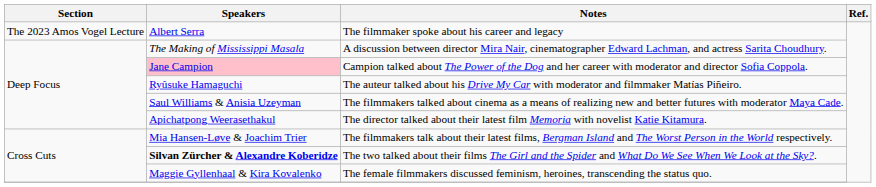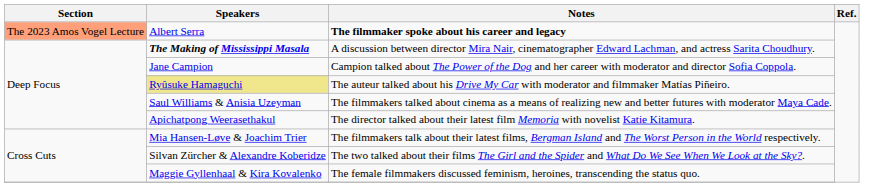 <table class="wikitable sortable plainrowheaders">
 <tr>
 <th>Section</th>
 <th>Speakers</th>
 <th>Notes</th>
 <th class="unsortable">Ref.</th>
 </tr>
 <tr>
-<td>The 2023 Amos Vogel Lecture</td>
+<td style="background: lightsalmon;">The 2023 Amos Vogel Lecture</td>
 <td><a href='#'>Albert Serra</a></td>
-<td>The filmmaker spoke about his career and legacy</td>
+<td><strong>The filmmaker spoke about his career and legacy</strong></td>
 <td rowspan=10></td>
 </tr>
 <tr>
 <td rowspan=5>Deep Focus</td>
-<td><em>The Making of <a href='#'>Mississippi Masala</a></em></td>
+<td><strong><em>The Making of <a href='#'>Mississippi Masala</a></em></strong></td>
 <td>A discussion between director <a href='#'>Mira Nair</a>, cinematographer <a href='#'>Edward Lachman</a>, and actress <a href='#'>Sarita Choudhury</a>.</td>
 </tr>
 <tr>
-<td style="background: pink;"><a href='#'>Jane Campion</a></td>
+<td><a href='#'>Jane Campion</a></td>
 <td>Campion talked about <em><a href='#'>The Power of the Dog</a></em> and her career with moderator and director <a href='#'>Sofia Coppola</a>.</td>
 </tr>
 <tr>
-<td><a href='#'>Ryûsuke Hamaguchi</a></td>
+<td style="background: khaki;"><a href='#'>Ryûsuke Hamaguchi</a></td>
 <td>The auteur talked about his <em><a href='#'>Drive My Car</a></em> with moderator and filmmaker Matías Piñeiro.</td>
 </tr>
 <tr>
 <td><a href='#'>Saul Williams</a> & <a href='#'>Anisia Uzeyman</a></td>
 <td>The filmmakers talked about cinema as a means of realizing new and better futures with moderator <a href='#'>Maya Cade</a>.</td>
 </tr>
 <tr>
 <td><a href='#'>Apichatpong Weerasethakul</a></td>
 <td>The director talked about their latest film <em><a href='#'>Memoria</a></em> with novelist <a href='#'>Katie Kitamura</a>.</td>
 </tr>
 <tr>
 <td rowspan=3>Cross Cuts</td>
 <td><a href='#'>Mia Hansen-Løve</a> & <a href='#'>Joachim Trier</a></td>
 <td>The filmmakers talk about their latest films, <em><a href='#'>Bergman Island</a></em> and <em><a href='#'>The Worst Person in the World</a></em> respectively.</td>
 </tr>
 <tr>
-<td><strong>Silvan Zürcher & <a href='#'>Alexandre Koberidze</a></strong></td>
+<td>Silvan Zürcher & <a href='#'>Alexandre Koberidze</a></td>
 <td>The two talked about their films <em><a href='#'>The Girl and the Spider</a></em> and <em><a href='#'>What Do We See When We Look at the Sky?</a></em>.</td>
 </tr>
 <tr>
 <td><a href='#'>Maggie Gyllenhaal</a> & <a href='#'>Kira Kovalenko</a></td>
 <td>The female filmmakers discussed feminism, heroines, transcending the status quo.</td>
 </tr>
 <tr>
 </tr>
 </table>
